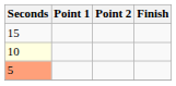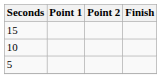 <table class="wikitable">
 <tr>
 <th>Seconds</th>
 <th>Point 1</th>
 <th>Point 2</th>
 <th>Finish</th>
 </tr>
 <tr>
 <td>15</td>
 <td></td>
 <td></td>
 <td></td>
 </tr>
 <tr>
-<td style="background: lightyellow;">10</td>
+<td>10</td>
 <td></td>
 <td></td>
 <td></td>
 </tr>
 <tr>
-<td style="background: lightsalmon;">5</td>
+<td>5</td>
 <td></td>
 <td></td>
 <td></td>
 </tr>
 <tr>
 </tr>
 </table>
